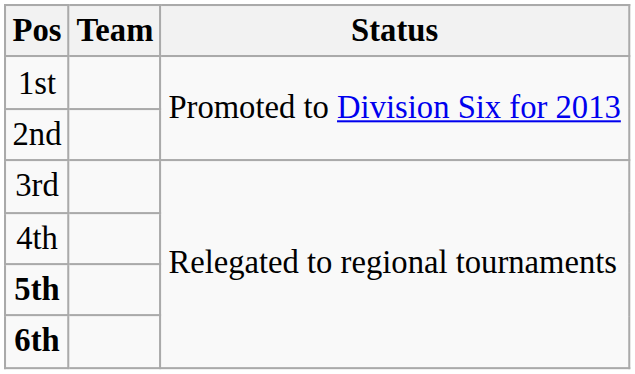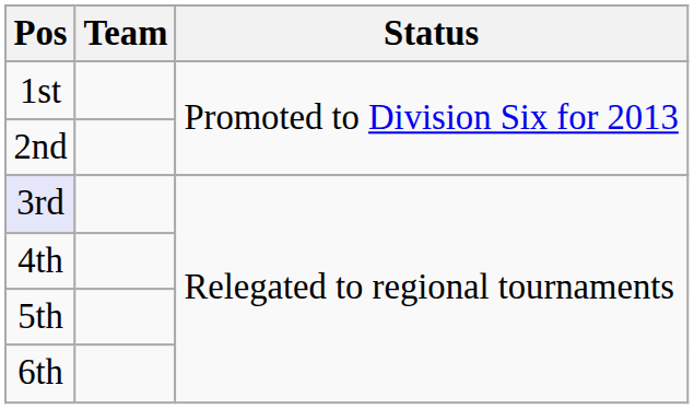 <table class="wikitable">
 <tr>
 <th>Pos</th>
 <th>Team</th>
 <th>Status</th>
 </tr>
 <tr>
 <td align="center">1st</td>
 <td></td>
 <td rowspan=2>Promoted to <a href='#'>Division Six for 2013</a></td>
 </tr>
 <tr>
 <td align="center">2nd</td>
 <td></td>
 </tr>
 <tr>
-<td align="center">3rd</td>
+<td align="center" style="background: lavender;">3rd</td>
 <td></td>
 <td rowspan=4>Relegated to regional tournaments</td>
 </tr>
 <tr>
 <td align="center">4th</td>
 <td></td>
 </tr>
 <tr>
-<td align="center"><strong>5th</strong></td>
+<td align="center">5th</td>
 <td></td>
 </tr>
 <tr>
-<td align="center"><strong>6th</strong></td>
+<td align="center">6th</td>
 <td></td>
 </tr>
 </table>
